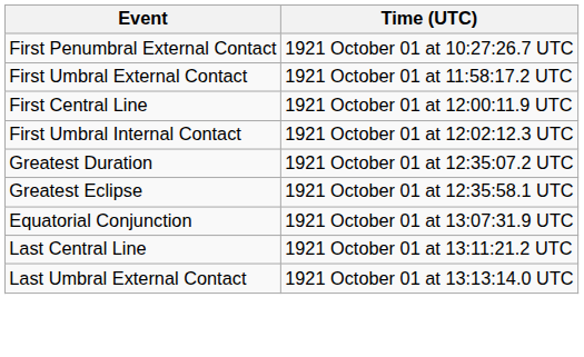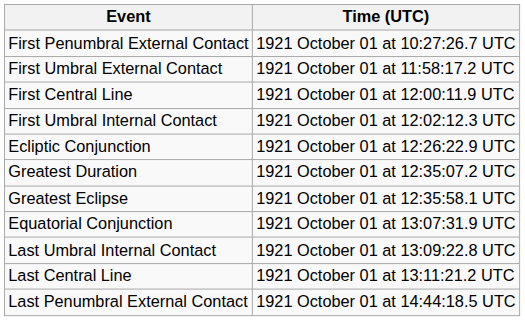 <table class="wikitable">
 <tr>
 <th>Event</th>
 <th>Time (UTC)</th>
 </tr>
 <tr>
 <td>First Penumbral External Contact</td>
 <td>1921 October 01 at 10:27:26.7 UTC</td>
 </tr>
 <tr>
 <td>First Umbral External Contact</td>
 <td>1921 October 01 at 11:58:17.2 UTC</td>
 </tr>
 <tr>
 <td>First Central Line</td>
 <td>1921 October 01 at 12:00:11.9 UTC</td>
 </tr>
 <tr>
 <td>First Umbral Internal Contact</td>
 <td>1921 October 01 at 12:02:12.3 UTC</td>
 </tr>
 <tr>
+<td>Ecliptic Conjunction</td>
+<td>1921 October 01 at 12:26:22.9 UTC</td>
+</tr>
+<tr>
 <td>Greatest Duration</td>
 <td>1921 October 01 at 12:35:07.2 UTC</td>
 </tr>
 <tr>
 <td>Greatest Eclipse</td>
 <td>1921 October 01 at 12:35:58.1 UTC</td>
 </tr>
 <tr>
 <td>Equatorial Conjunction</td>
 <td>1921 October 01 at 13:07:31.9 UTC</td>
 </tr>
 <tr>
+<td>Last Umbral Internal Contact</td>
+<td>1921 October 01 at 13:09:22.8 UTC</td>
+</tr>
+<tr>
 <td>Last Central Line</td>
 <td>1921 October 01 at 13:11:21.2 UTC</td>
 </tr>
 <tr>
-<td>Last Umbral External Contact</td>
-<td>1921 October 01 at 13:13:14.0 UTC</td>
+<td>Last Penumbral External Contact</td>
+<td>1921 October 01 at 14:44:18.5 UTC</td>
 </tr>
 </table>
